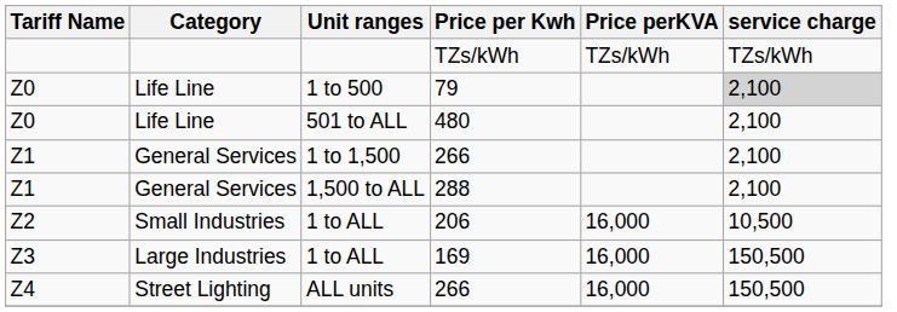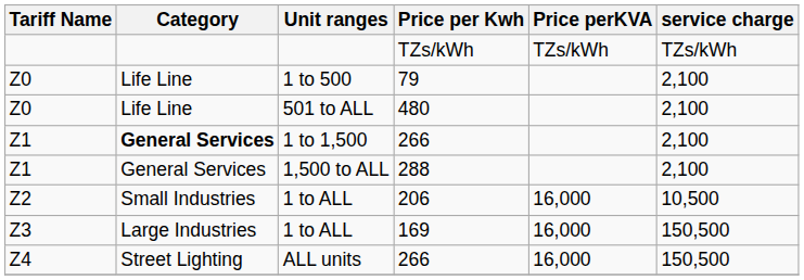 <table class="wikitable sortable">
 <tr>
 <th>Tariff Name</th>
 <th>Category</th>
 <th>Unit ranges</th>
 <th>Price per Kwh</th>
 <th>Price perKVA</th>
 <th>service charge</th>
 </tr>
 <tr>
 <td></td>
 <td></td>
 <td></td>
 <td>TZs/kWh</td>
 <td>TZs/kWh</td>
 <td>TZs/kWh</td>
 </tr>
 <tr>
 <td>Z0</td>
 <td>Life Line</td>
 <td>1 to 500</td>
 <td>79</td>
 <td></td>
-<td style="background: lightgrey;">2,100</td>
+<td>2,100</td>
 </tr>
 <tr>
 <td>Z0</td>
 <td>Life Line</td>
 <td>501 to ALL</td>
 <td>480</td>
 <td></td>
 <td>2,100</td>
 </tr>
 <tr>
 <td>Z1</td>
-<td>General Services</td>
+<td><strong>General Services</strong></td>
 <td>1 to 1,500</td>
 <td>266</td>
 <td></td>
 <td>2,100</td>
 </tr>
 <tr>
 <td>Z1</td>
 <td>General Services</td>
 <td>1,500 to ALL</td>
 <td>288</td>
 <td></td>
 <td>2,100</td>
 </tr>
 <tr>
 <td>Z2</td>
 <td>Small Industries</td>
 <td>1 to ALL</td>
 <td>206</td>
 <td>16,000</td>
 <td>10,500</td>
 </tr>
 <tr>
 <td>Z3</td>
 <td>Large Industries</td>
 <td>1 to ALL</td>
 <td>169</td>
 <td>16,000</td>
 <td>150,500</td>
 </tr>
 <tr>
 <td>Z4</td>
 <td>Street Lighting</td>
 <td>ALL units</td>
 <td>266</td>
 <td>16,000</td>
 <td>150,500</td>
 </tr>
 <tr>
 </tr>
 </table>
